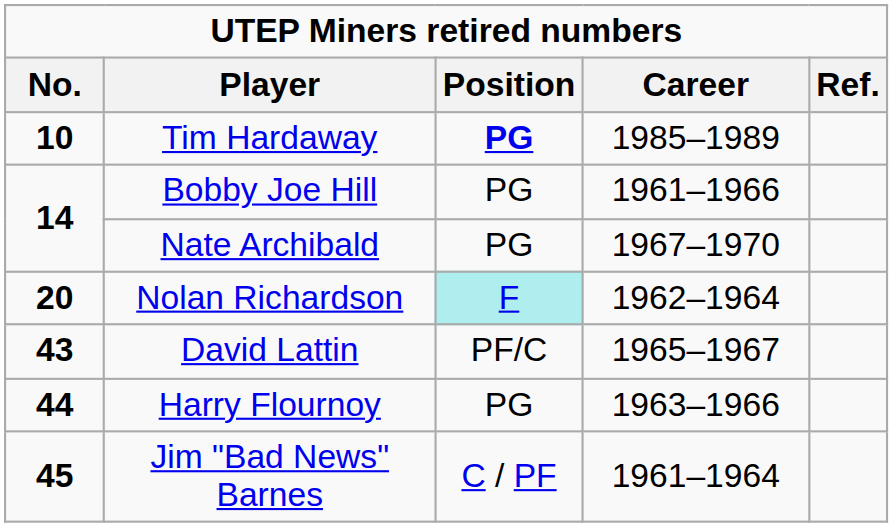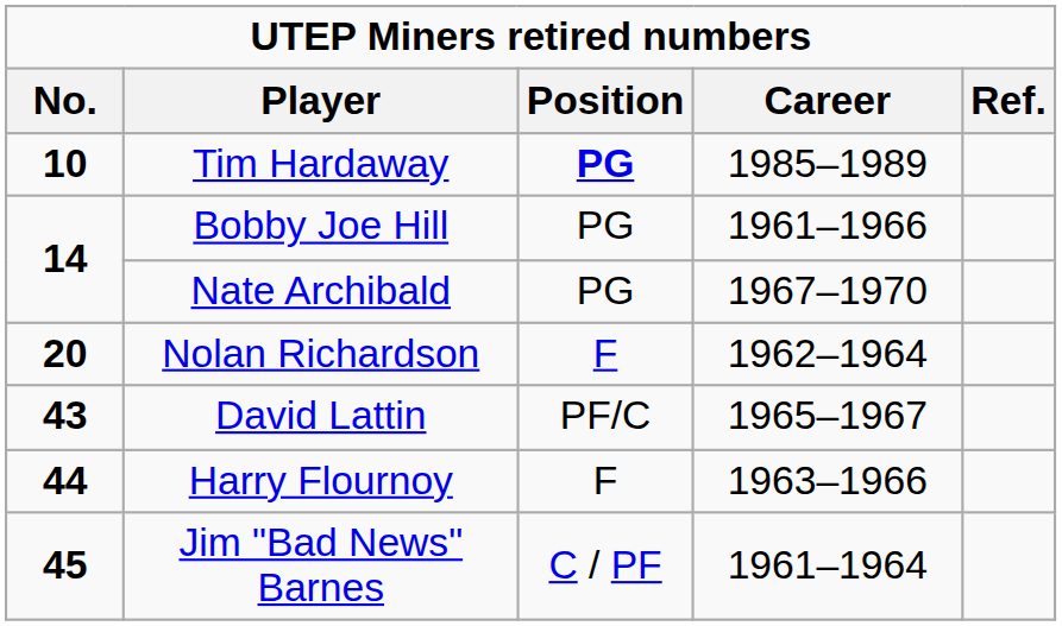 <table class="wikitable sortable" style="text-align:center">
 <tr>
 <td colspan="5"><strong>UTEP Miners retired numbers</strong></td>
 </tr>
 <tr>
 <th width=40px>No.</th>
 <th width=150px>Player</th>
 <th width=40px>Position</th>
 <th width=100px>Career</th>
 <th width=px>Ref.</th>
 </tr>
 <tr>
 <td><strong>10</strong></td>
 <td><a href='#'>Tim Hardaway</a></td>
 <td><strong><a href='#'>PG</a></strong></td>
 <td>1985–1989</td>
 <td></td>
 </tr>
 <tr>
 <td rowspan=2><strong>14</strong></td>
 <td><a href='#'>Bobby Joe Hill</a></td>
 <td>PG</td>
 <td>1961–1966</td>
 <td></td>
 </tr>
 <tr>
 <td><a href='#'>Nate Archibald</a></td>
 <td>PG</td>
 <td>1967–1970</td>
 <td></td>
 </tr>
 <tr>
 <td><strong>20</strong></td>
 <td><a href='#'>Nolan Richardson</a></td>
-<td style="background: paleturquoise;"><a href='#'>F</a></td>
+<td><a href='#'>F</a></td>
 <td>1962–1964</td>
 <td></td>
 </tr>
 <tr>
 <td><strong>43</strong></td>
 <td><a href='#'>David Lattin</a></td>
 <td>PF/C</td>
 <td>1965–1967</td>
 <td></td>
 </tr>
 <tr>
 <td><strong>44</strong></td>
 <td><a href='#'>Harry Flournoy</a></td>
-<td>PG</td>
+<td>F</td>
 <td>1963–1966</td>
 <td></td>
 </tr>
 <tr>
 <td><strong>45</strong></td>
 <td><a href='#'>Jim "Bad News" Barnes</a></td>
 <td><a href='#'>C</a> / <a href='#'>PF</a></td>
 <td>1961–1964</td>
 <td></td>
 </tr>
 </table>
